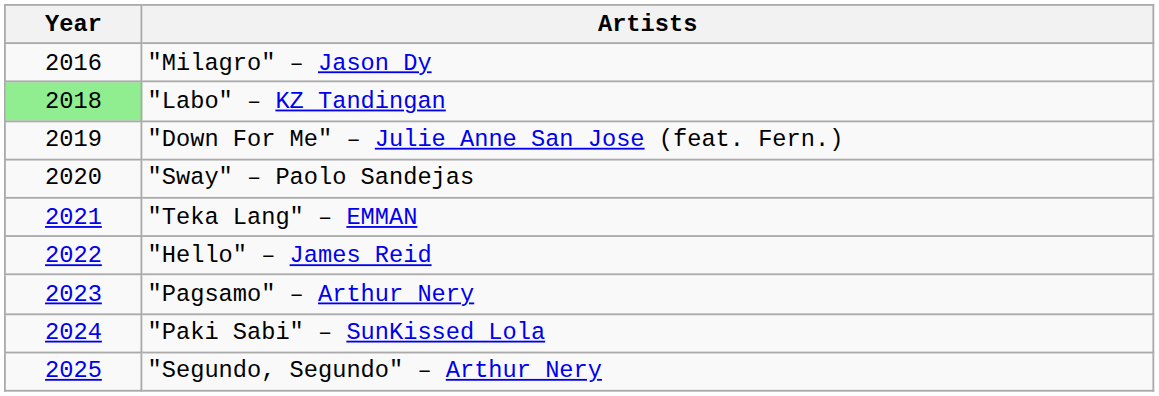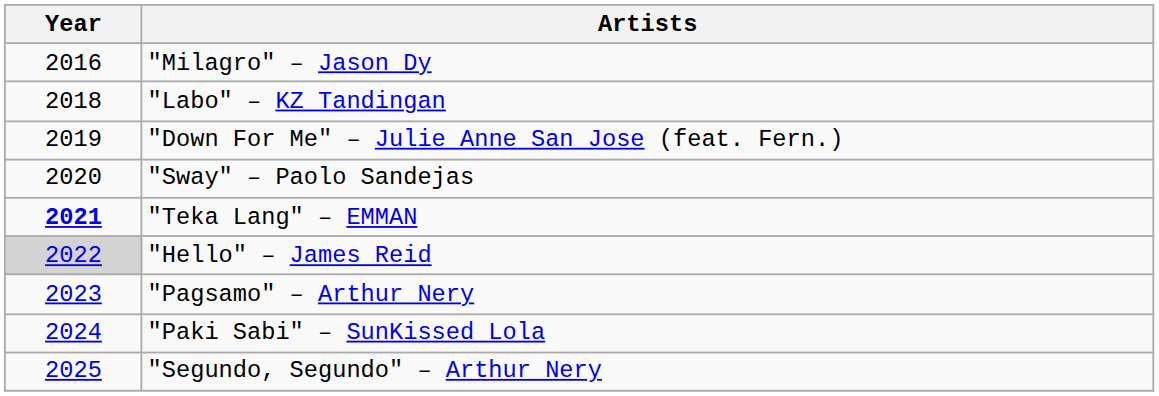 <table class="wikitable sortable"  style="width:50%;">
 <tr>
 <th width=5%  scope="col">Year</th>
 <th ! width=40%  scope="col">Artists</th>
 </tr>
 <tr>
 <td align="center">2016</td>
 <td>"Milagro" – <a href='#'>Jason Dy</a></td>
 </tr>
 <tr>
-<td align="center" style="background: lightgreen;">2018</td>
+<td align="center">2018</td>
 <td>"Labo" – <a href='#'>KZ Tandingan</a></td>
 </tr>
 <tr>
 <td align="center">2019</td>
 <td>"Down For Me" – <a href='#'>Julie Anne San Jose</a> (feat. Fern.)</td>
 </tr>
 <tr>
 <td align="center">2020</td>
 <td>"Sway" – Paolo Sandejas</td>
 </tr>
 <tr>
-<td align="center"><a href='#'>2021</a></td>
+<td align="center"><strong><a href='#'>2021</a></strong></td>
 <td>"Teka Lang" – <a href='#'>EMMAN</a> </td>
 </tr>
 <tr>
-<td align="center"><a href='#'>2022</a></td>
+<td align="center" style="background: lightgrey;"><a href='#'>2022</a></td>
 <td>"Hello" – <a href='#'>James Reid</a></td>
 </tr>
 <tr>
 <td align="center"><a href='#'>2023</a></td>
 <td>"Pagsamo" – <a href='#'>Arthur Nery</a></td>
 </tr>
 <tr>
 <td align="center"><a href='#'>2024</a></td>
 <td>"Paki Sabi" – <a href='#'>SunKissed Lola</a></td>
 </tr>
 <tr>
 <td align="center"><a href='#'>2025</a></td>
 <td>"Segundo, Segundo" – <a href='#'>Arthur Nery</a></td>
 </tr>
 </table>
